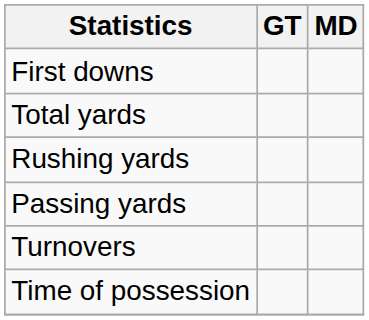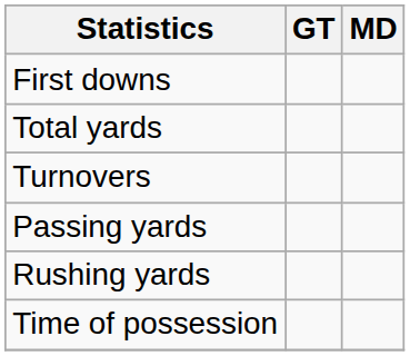 <table class="wikitable">
 <tr>
 <th>Statistics</th>
 <th>GT</th>
 <th>MD</th>
 </tr>
 <tr>
 <td>First downs</td>
 <td></td>
 <td></td>
 </tr>
 <tr>
 <td>Total yards</td>
 <td></td>
 <td></td>
 </tr>
 <tr>
-<td>Rushing yards</td>
+<td>Turnovers</td>
 <td></td>
 <td></td>
 </tr>
 <tr>
 <td>Passing yards</td>
 <td></td>
 <td></td>
 </tr>
 <tr>
-<td>Turnovers</td>
+<td>Rushing yards</td>
 <td></td>
 <td></td>
 </tr>
 <tr>
 <td>Time of possession</td>
 <td></td>
 <td></td>
 </tr>
 <tr>
 </tr>
 </table>
